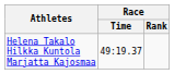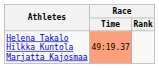 <table class="wikitable" border="1" style="font-size:90%">
 <tr>
 <th rowspan=2>Athletes</th>
 <th colspan=2>Race</th>
 </tr>
 <tr>
 <th>Time</th>
 <th>Rank</th>
 </tr>
 <tr>
 <td><a href='#'>Helena Takalo</a><br><a href='#'>Hilkka Kuntola</a><br><a href='#'>Marjatta Kajosmaa</a></td>
-<td align=center>49:19.37</td>
+<td align=center style="background: lightsalmon;">49:19.37</td>
 <td align=center></td>
 </tr>
 </table>
